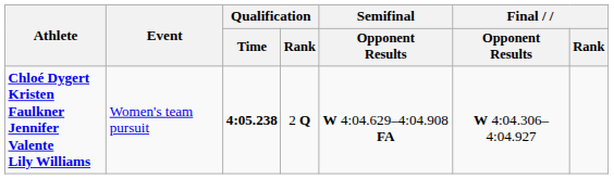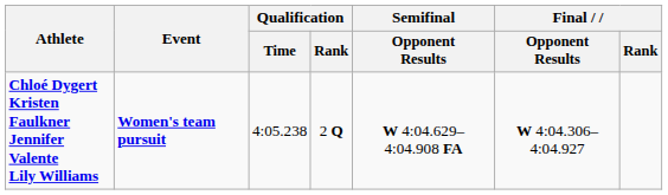 <table class=wikitable style=font-size:90%>
 <tr>
 <th rowspan=2>Athlete</th>
 <th rowspan=2>Event</th>
 <th colspan=2>Qualification</th>
 <th>Semifinal</th>
 <th colspan=2>Final /  / </th>
 </tr>
 <tr style=font-size:95%>
 <th>Time</th>
 <th>Rank</th>
 <th>Opponent<br>Results</th>
 <th>Opponent<br>Results</th>
 <th>Rank</th>
 </tr>
 <tr align=center>
 <td align=left><strong><a href='#'>Chloé Dygert</a><br><a href='#'>Kristen Faulkner</a><br><a href='#'>Jennifer Valente</a><br><a href='#'>Lily Williams</a></strong></td>
-<td align=left><a href='#'>Women's team pursuit</a></td>
-<td><strong>4:05.238</strong></td>
+<td align=left><strong><a href='#'>Women's team pursuit</a></strong></td>
+<td>4:05.238</td>
 <td>2 <strong>Q</strong></td>
 <td><br><strong>W</strong> 4:04.629–4:04.908 <strong>FA</strong></td>
 <td><br><strong>W</strong> 4:04.306–4:04.927</td>
 <td></td>
 </tr>
 </table>
